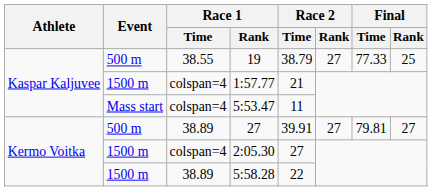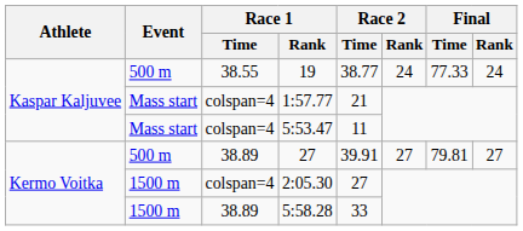 <table class="wikitable" style="font-size:90%">
 <tr>
 <th rowspan=2>Athlete</th>
 <th rowspan=2>Event</th>
 <th colspan=2>Race 1</th>
 <th colspan=2>Race 2</th>
 <th colspan=2>Final</th>
 </tr>
 <tr style="font-size:95%">
 <th>Time</th>
 <th>Rank</th>
 <th>Time</th>
 <th>Rank</th>
 <th>Time</th>
 <th>Rank</th>
 </tr>
 <tr align=center>
 <td align=left rowspan=3><a href='#'>Kaspar Kaljuvee</a></td>
 <td align=left><a href='#'>500 m</a></td>
 <td>38.55</td>
 <td>19</td>
-<td>38.79</td>
-<td>27</td>
+<td>38.77</td>
+<td>24</td>
 <td>77.33</td>
-<td>25</td>
+<td>24</td>
 </tr>
 <tr align=center>
-<td align=left><a href='#'>1500 m</a></td>
+<td align=left><a href='#'>Mass start</a></td>
 <td>colspan=4 </td>
 <td>1:57.77</td>
 <td>21</td>
 </tr>
 <tr align=center>
 <td align=left><a href='#'>Mass start</a></td>
 <td>colspan=4 </td>
 <td>5:53.47</td>
 <td>11</td>
 </tr>
 <tr align=center>
 <td align=left rowspan=3><a href='#'>Kermo Voitka</a></td>
 <td align=left><a href='#'>500 m</a></td>
 <td>38.89</td>
 <td>27</td>
 <td>39.91</td>
 <td>27</td>
 <td>79.81</td>
 <td>27</td>
 </tr>
 <tr align=center>
 <td align=left><a href='#'>1500 m</a></td>
 <td>colspan=4 </td>
 <td>2:05.30</td>
 <td>27</td>
 </tr>
 <tr align=center>
 <td align=left><a href='#'>1500 m</a></td>
 <td>38.89</td>
 <td>5:58.28</td>
-<td>22</td>
+<td>33</td>
 </tr>
 </table>
